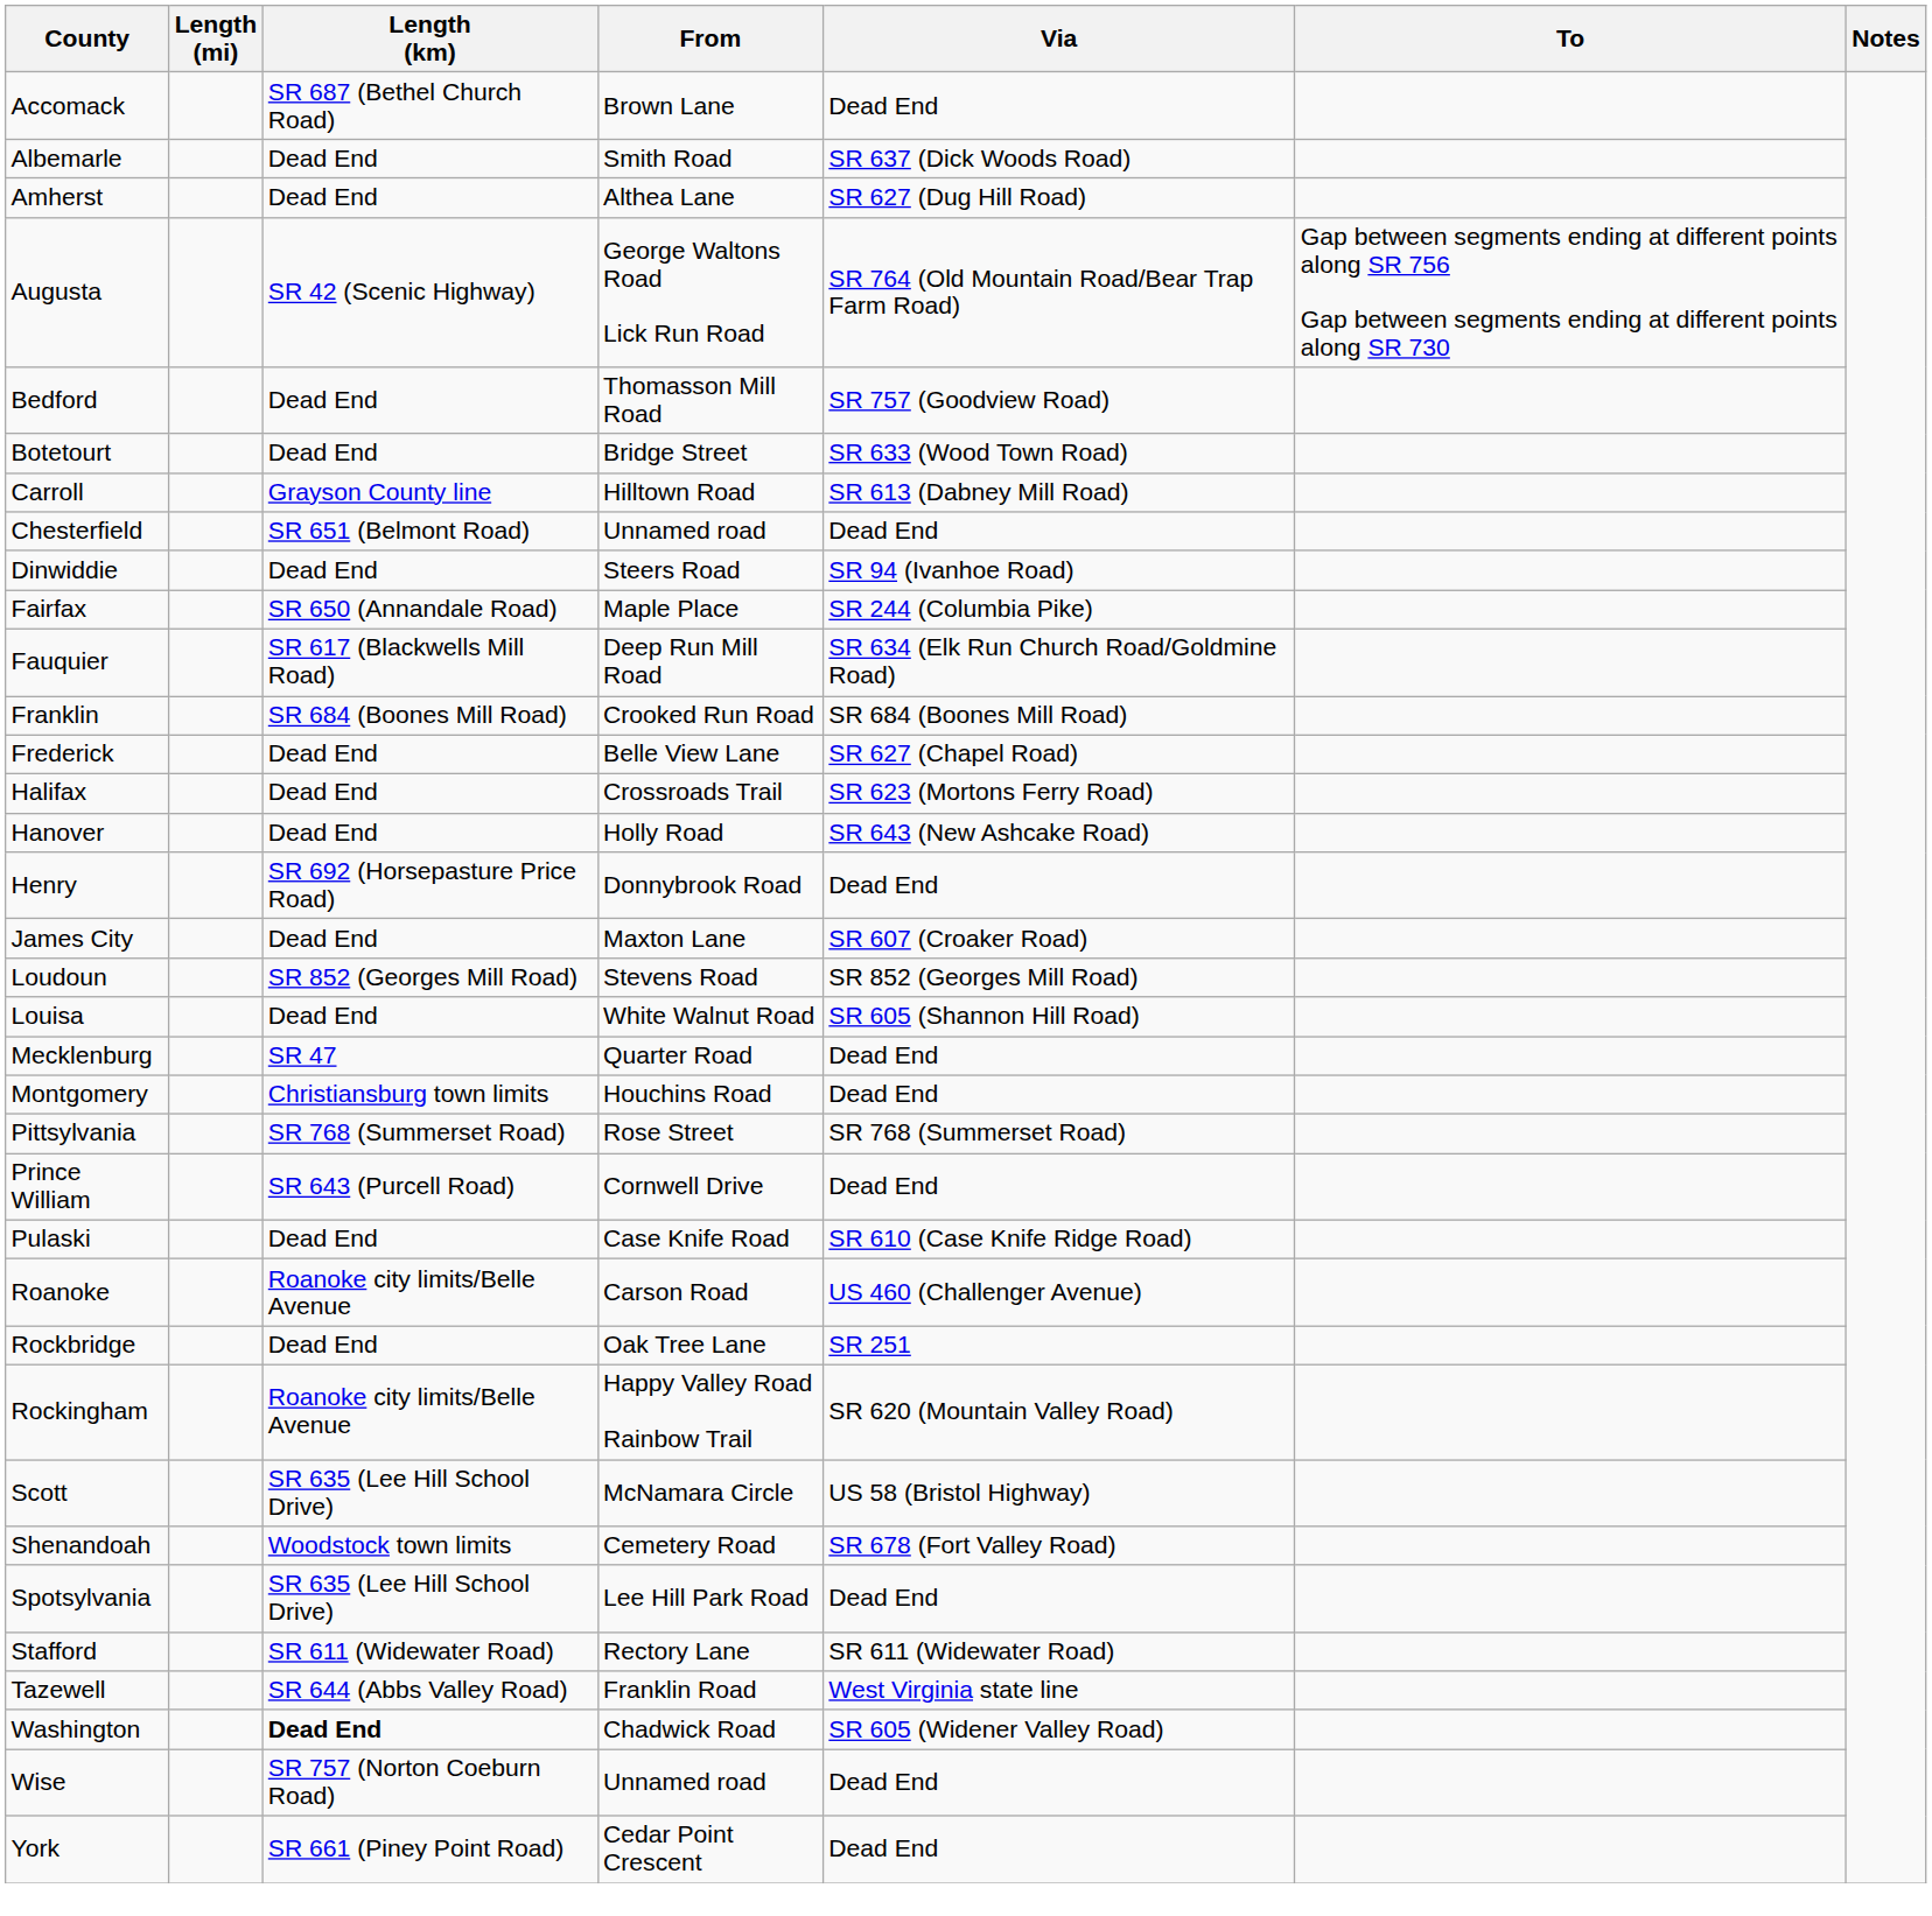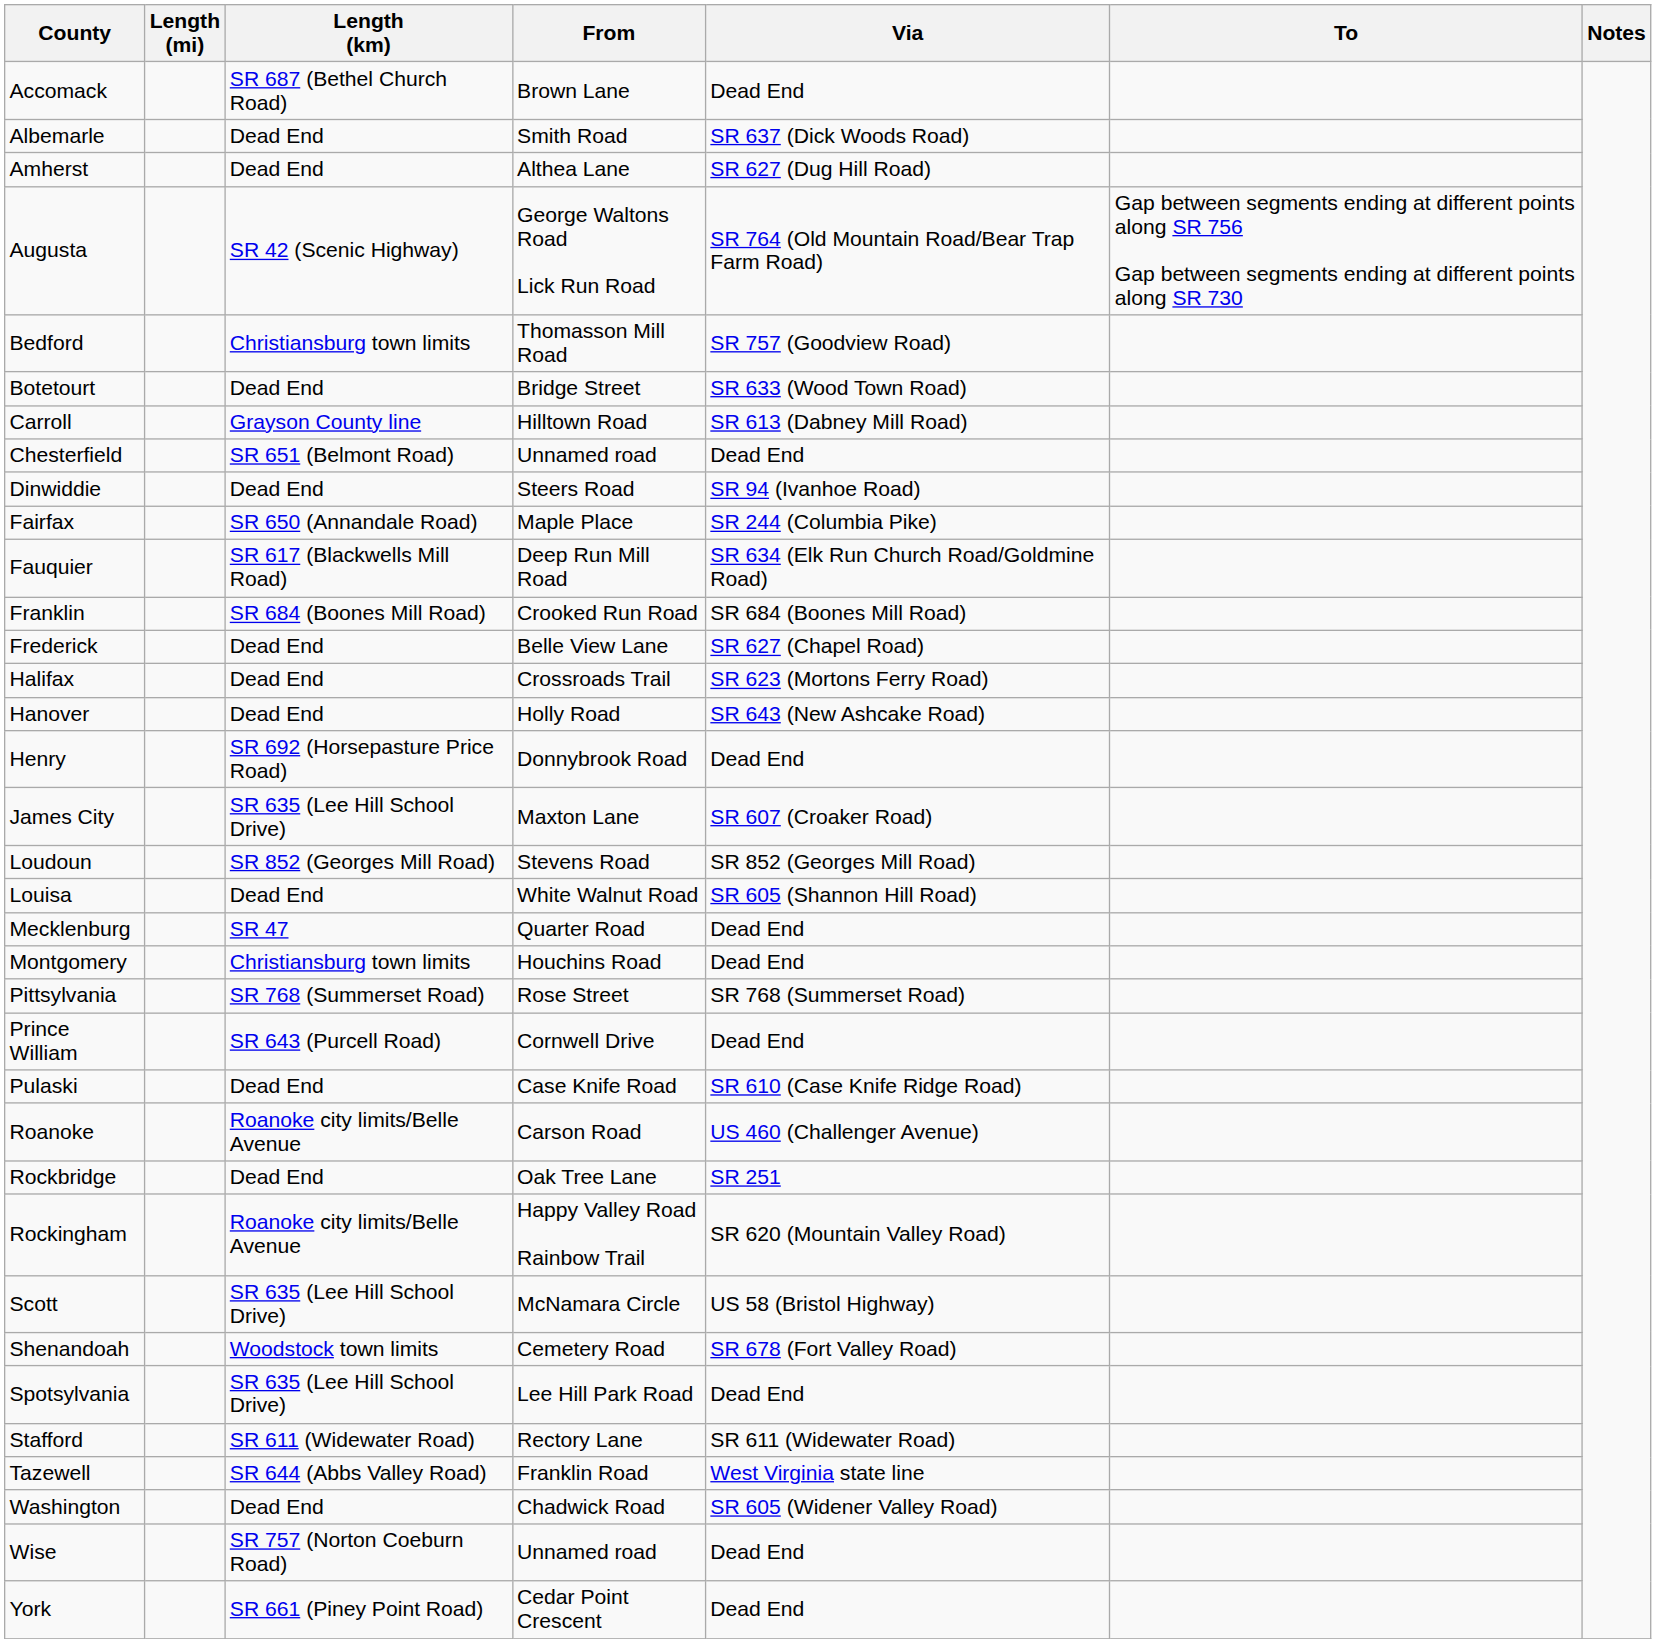 <table class="wikitable sortable">
 <tr>
 <th>County</th>
 <th>Length<br>(mi)</th>
 <th>Length<br>(km)</th>
 <th class="unsortable">From</th>
 <th class="unsortable">Via</th>
 <th class="unsortable">To</th>
 <th class="unsortable">Notes</th>
 </tr>
 <tr>
 <td id="Accomack">Accomack</td>
 <td></td>
 <td><a href='#'>SR 687</a> (Bethel Church Road)</td>
 <td>Brown Lane</td>
 <td>Dead End</td>
 <td></td>
 </tr>
 <tr>
 <td id="Albemarle">Albemarle</td>
 <td></td>
 <td>Dead End</td>
 <td>Smith Road</td>
 <td><a href='#'>SR 637</a> (Dick Woods Road)</td>
 <td><br> </td>
 </tr>
 <tr>
 <td id="Amherst">Amherst</td>
 <td></td>
 <td>Dead End</td>
 <td>Althea Lane</td>
 <td><a href='#'>SR 627</a> (Dug Hill Road)</td>
 <td><br> </td>
 </tr>
 <tr>
 <td id="Augusta">Augusta</td>
 <td></td>
 <td><a href='#'>SR 42</a> (Scenic Highway)</td>
 <td>George Waltons Road<br><br>Lick Run Road</td>
 <td><a href='#'>SR 764</a> (Old Mountain Road/Bear Trap Farm Road)</td>
 <td>Gap between segments ending at different points along <a href='#'>SR 756</a><br><br>Gap between segments ending at different points along <a href='#'>SR 730</a><br></td>
 </tr>
 <tr>
 <td id="Bedford">Bedford</td>
 <td></td>
-<td>Dead End</td>
+<td><a href='#'>Christiansburg</a> town limits</td>
 <td>Thomasson Mill Road</td>
 <td><a href='#'>SR 757</a> (Goodview Road)</td>
 <td><br></td>
 </tr>
 <tr>
 <td id="Botetourt">Botetourt</td>
 <td></td>
 <td>Dead End</td>
 <td>Bridge Street</td>
 <td><a href='#'>SR 633</a> (Wood Town Road)</td>
 <td><br>    </td>
 </tr>
 <tr>
 <td id="Carroll">Carroll</td>
 <td></td>
 <td><a href='#'>Grayson County line</a></td>
 <td>Hilltown Road</td>
 <td><a href='#'>SR 613</a> (Dabney Mill Road)</td>
 <td><br> </td>
 </tr>
 <tr>
 <td id="Chesterfield">Chesterfield</td>
 <td></td>
 <td><a href='#'>SR 651</a> (Belmont Road)</td>
 <td>Unnamed road</td>
 <td>Dead End</td>
 <td><br>    </td>
 </tr>
 <tr>
 <td id="Dinwiddie">Dinwiddie</td>
 <td></td>
 <td>Dead End</td>
 <td>Steers Road</td>
 <td><a href='#'>SR 94</a> (Ivanhoe Road)</td>
 <td><br></td>
 </tr>
 <tr>
 <td id="Fairfax">Fairfax</td>
 <td></td>
 <td><a href='#'>SR 650</a> (Annandale Road)</td>
 <td>Maple Place</td>
 <td><a href='#'>SR 244</a> (Columbia Pike)</td>
 <td></td>
 </tr>
 <tr>
 <td id="Fauquier">Fauquier</td>
 <td></td>
 <td><a href='#'>SR 617</a> (Blackwells Mill Road)</td>
 <td>Deep Run Mill Road</td>
 <td><a href='#'>SR 634</a> (Elk Run Church Road/Goldmine Road)</td>
 <td><br> </td>
 </tr>
 <tr>
 <td id="Franklin">Franklin</td>
 <td></td>
 <td><a href='#'>SR 684</a> (Boones Mill Road)</td>
 <td>Crooked Run Road</td>
 <td>SR 684 (Boones Mill Road)</td>
 <td></td>
 </tr>
 <tr>
 <td id="Frederick">Frederick</td>
 <td></td>
 <td>Dead End</td>
 <td>Belle View Lane</td>
 <td><a href='#'>SR 627</a> (Chapel Road)</td>
 <td><br>     </td>
 </tr>
 <tr>
 <td id="Halifax">Halifax</td>
 <td></td>
 <td>Dead End</td>
 <td>Crossroads Trail</td>
 <td><a href='#'>SR 623</a> (Mortons Ferry Road)</td>
 <td></td>
 </tr>
 <tr>
 <td id="Hanover">Hanover</td>
 <td></td>
 <td>Dead End</td>
 <td>Holly Road</td>
 <td><a href='#'>SR 643</a> (New Ashcake Road)</td>
 <td><br></td>
 </tr>
 <tr>
 <td id="Henry">Henry</td>
 <td></td>
 <td><a href='#'>SR 692</a> (Horsepasture Price Road)</td>
 <td>Donnybrook Road</td>
 <td>Dead End</td>
 <td><br> </td>
 </tr>
 <tr>
 <td id="James City">James City</td>
 <td></td>
-<td>Dead End</td>
+<td><a href='#'>SR 635</a> (Lee Hill School Drive)</td>
 <td>Maxton Lane</td>
 <td><a href='#'>SR 607</a> (Croaker Road)</td>
 <td><br>    </td>
 </tr>
 <tr>
 <td id="Loudoun">Loudoun</td>
 <td></td>
 <td><a href='#'>SR 852</a> (Georges Mill Road)</td>
 <td>Stevens Road</td>
 <td>SR 852 (Georges Mill Road)</td>
 <td></td>
 </tr>
 <tr>
 <td id="Louisa">Louisa</td>
 <td></td>
 <td>Dead End</td>
 <td>White Walnut Road</td>
 <td><a href='#'>SR 605</a> (Shannon Hill Road)</td>
 <td><br>  </td>
 </tr>
 <tr>
 <td id="Mecklenburg">Mecklenburg</td>
 <td></td>
 <td><a href='#'>SR 47</a></td>
 <td>Quarter Road</td>
 <td>Dead End</td>
 <td><br></td>
 </tr>
 <tr>
 <td id="Montgomery">Montgomery</td>
 <td></td>
 <td><a href='#'>Christiansburg</a> town limits</td>
 <td>Houchins Road</td>
 <td>Dead End</td>
 <td><br>       </td>
 </tr>
 <tr>
 <td id="Pittsylvania">Pittsylvania</td>
 <td></td>
 <td><a href='#'>SR 768</a> (Summerset Road)</td>
 <td>Rose Street</td>
 <td>SR 768 (Summerset Road)</td>
 <td><br>  </td>
 </tr>
 <tr>
 <td id="Prince William">Prince William</td>
 <td></td>
 <td><a href='#'>SR 643</a> (Purcell Road)</td>
 <td>Cornwell Drive</td>
 <td>Dead End</td>
 <td></td>
 </tr>
 <tr>
 <td id="Pulaski">Pulaski</td>
 <td></td>
 <td>Dead End</td>
 <td>Case Knife Road</td>
 <td><a href='#'>SR 610</a> (Case Knife Ridge Road)</td>
 <td><br> </td>
 </tr>
 <tr>
 <td id="Roanoke">Roanoke</td>
 <td></td>
 <td><a href='#'>Roanoke</a> city limits/Belle Avenue</td>
 <td>Carson Road</td>
 <td><a href='#'>US 460</a> (Challenger Avenue)</td>
 <td></td>
 </tr>
 <tr>
 <td id="Rockbridge">Rockbridge</td>
 <td></td>
 <td>Dead End</td>
 <td>Oak Tree Lane</td>
 <td><a href='#'>SR 251</a></td>
 <td></td>
 </tr>
 <tr>
 <td id="Rockingham">Rockingham</td>
 <td></td>
 <td><a href='#'>Roanoke</a> city limits/Belle Avenue</td>
 <td>Happy Valley Road<br><br>Rainbow Trail</td>
 <td>SR 620 (Mountain Valley Road)</td>
 <td><br></td>
 </tr>
 <tr>
 <td id="Scott">Scott</td>
 <td></td>
 <td><a href='#'>SR 635</a> (Lee Hill School Drive)</td>
 <td>McNamara Circle</td>
 <td>US 58 (Bristol Highway)</td>
 <td></td>
 </tr>
 <tr>
 <td id="Shenandoah">Shenandoah</td>
 <td></td>
 <td><a href='#'>Woodstock</a> town limits</td>
 <td>Cemetery Road</td>
 <td><a href='#'>SR 678</a> (Fort Valley Road)</td>
 <td><br> </td>
 </tr>
 <tr>
 <td id="Spotsylvania">Spotsylvania</td>
 <td></td>
 <td><a href='#'>SR 635</a> (Lee Hill School Drive)</td>
 <td>Lee Hill Park Road</td>
 <td>Dead End</td>
 <td></td>
 </tr>
 <tr>
 <td id="Stafford">Stafford</td>
 <td></td>
 <td><a href='#'>SR 611</a> (Widewater Road)</td>
 <td>Rectory Lane</td>
 <td>SR 611 (Widewater Road)</td>
 <td><br> </td>
 </tr>
 <tr>
 <td id="Tazewell">Tazewell</td>
 <td></td>
 <td><a href='#'>SR 644</a> (Abbs Valley Road)</td>
 <td>Franklin Road</td>
 <td><a href='#'>West Virginia</a> state line</td>
 <td><br></td>
 </tr>
 <tr>
 <td id="Washington">Washington</td>
 <td></td>
-<td><strong>Dead End</strong></td>
+<td>Dead End</td>
 <td>Chadwick Road</td>
 <td><a href='#'>SR 605</a> (Widener Valley Road)</td>
 <td><br></td>
 </tr>
 <tr>
 <td id="Wise">Wise</td>
 <td></td>
 <td><a href='#'>SR 757</a> (Norton Coeburn Road)</td>
 <td>Unnamed road</td>
 <td>Dead End</td>
 <td><br></td>
 </tr>
 <tr>
 <td id="York">York</td>
 <td></td>
 <td><a href='#'>SR 661</a> (Piney Point Road)</td>
 <td>Cedar Point Crescent</td>
 <td>Dead End</td>
 <td></td>
 </tr>
 </table>
